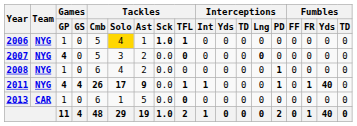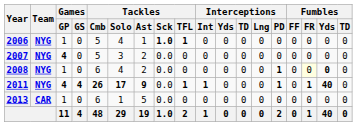 <table class="wikitable" style="text-align:center">
 <tr>
 <th rowspan="2">Year</th>
 <th rowspan="2">Team</th>
 <th colspan="2">Games</th>
 <th colspan="5">Tackles</th>
 <th colspan="5">Interceptions</th>
 <th colspan="4">Fumbles</th>
 </tr>
 <tr>
 <th>GP</th>
 <th>GS</th>
 <th>Cmb</th>
 <th>Solo</th>
 <th>Ast</th>
 <th>Sck</th>
 <th>TFL</th>
 <th>Int</th>
 <th>Yds</th>
 <th>TD</th>
 <th>Lng</th>
 <th>PD</th>
 <th>FF</th>
 <th>FR</th>
 <th>Yds</th>
 <th>TD</th>
 </tr>
 <tr>
 <th><a href='#'>2006</a></th>
 <th><a href='#'>NYG</a></th>
 <td>1</td>
 <td>0</td>
 <td>5</td>
-<td style="background: gold;">4</td>
+<td>4</td>
 <td>1</td>
 <td><strong>1.0</strong></td>
 <td><strong>1</strong></td>
 <td>0</td>
 <td>0</td>
 <td>0</td>
 <td>0</td>
 <td>0</td>
 <td>0</td>
 <td>0</td>
 <td>0</td>
 <td>0</td>
 </tr>
 <tr>
 <th><a href='#'>2007</a></th>
 <th><a href='#'>NYG</a></th>
 <td><strong>4</strong></td>
 <td>0</td>
 <td>5</td>
 <td>3</td>
 <td>2</td>
 <td>0.0</td>
-<td><strong>0</strong></td>
 <td>0</td>
 <td>0</td>
 <td>0</td>
-<td><strong>0</strong></td>
+<td>0</td>
+<td>0</td>
 <td>0</td>
 <td>0</td>
 <td>0</td>
 <td>0</td>
 <td>0</td>
 </tr>
 <tr>
 <th><a href='#'>2008</a></th>
 <th><a href='#'>NYG</a></th>
 <td>1</td>
 <td>0</td>
 <td>6</td>
 <td>4</td>
 <td>2</td>
 <td>0.0</td>
 <td>0</td>
 <td>0</td>
 <td>0</td>
 <td>0</td>
 <td>0</td>
 <td><strong>1</strong></td>
 <td>0</td>
-<td>0</td>
-<td>0</td>
+<td style="background: lightyellow;">0</td>
+<td><strong>0</strong></td>
 <td>0</td>
 </tr>
 <tr>
 <th><a href='#'>2011</a></th>
 <th><a href='#'>NYG</a></th>
 <td><strong>4</strong></td>
 <td><strong>4</strong></td>
 <td><strong>26</strong></td>
 <td><strong>17</strong></td>
 <td><strong>9</strong></td>
 <td>0.0</td>
 <td><strong>1</strong></td>
 <td><strong>1</strong></td>
 <td>0</td>
 <td>0</td>
 <td>0</td>
 <td><strong>1</strong></td>
 <td>0</td>
 <td><strong>1</strong></td>
 <td><strong>40</strong></td>
 <td>0</td>
 </tr>
 <tr>
 <th><a href='#'>2013</a></th>
 <th><a href='#'>CAR</a></th>
 <td>1</td>
 <td>0</td>
 <td>6</td>
 <td>1</td>
 <td>5</td>
 <td>0.0</td>
-<td><strong>0</strong></td>
+<td>0</td>
 <td>0</td>
 <td>0</td>
 <td>0</td>
 <td>0</td>
 <td>0</td>
 <td>0</td>
 <td>0</td>
 <td>0</td>
 <td>0</td>
 </tr>
 <tr>
 <th colspan="2"></th>
 <th>11</th>
 <th>4</th>
 <th>48</th>
 <th>29</th>
 <th>19</th>
 <th>1.0</th>
 <th>2</th>
 <th>1</th>
 <th>0</th>
 <th>0</th>
 <th>0</th>
 <th>2</th>
 <th>0</th>
 <th>1</th>
 <th>40</th>
 <th>0</th>
 </tr>
 </table>
